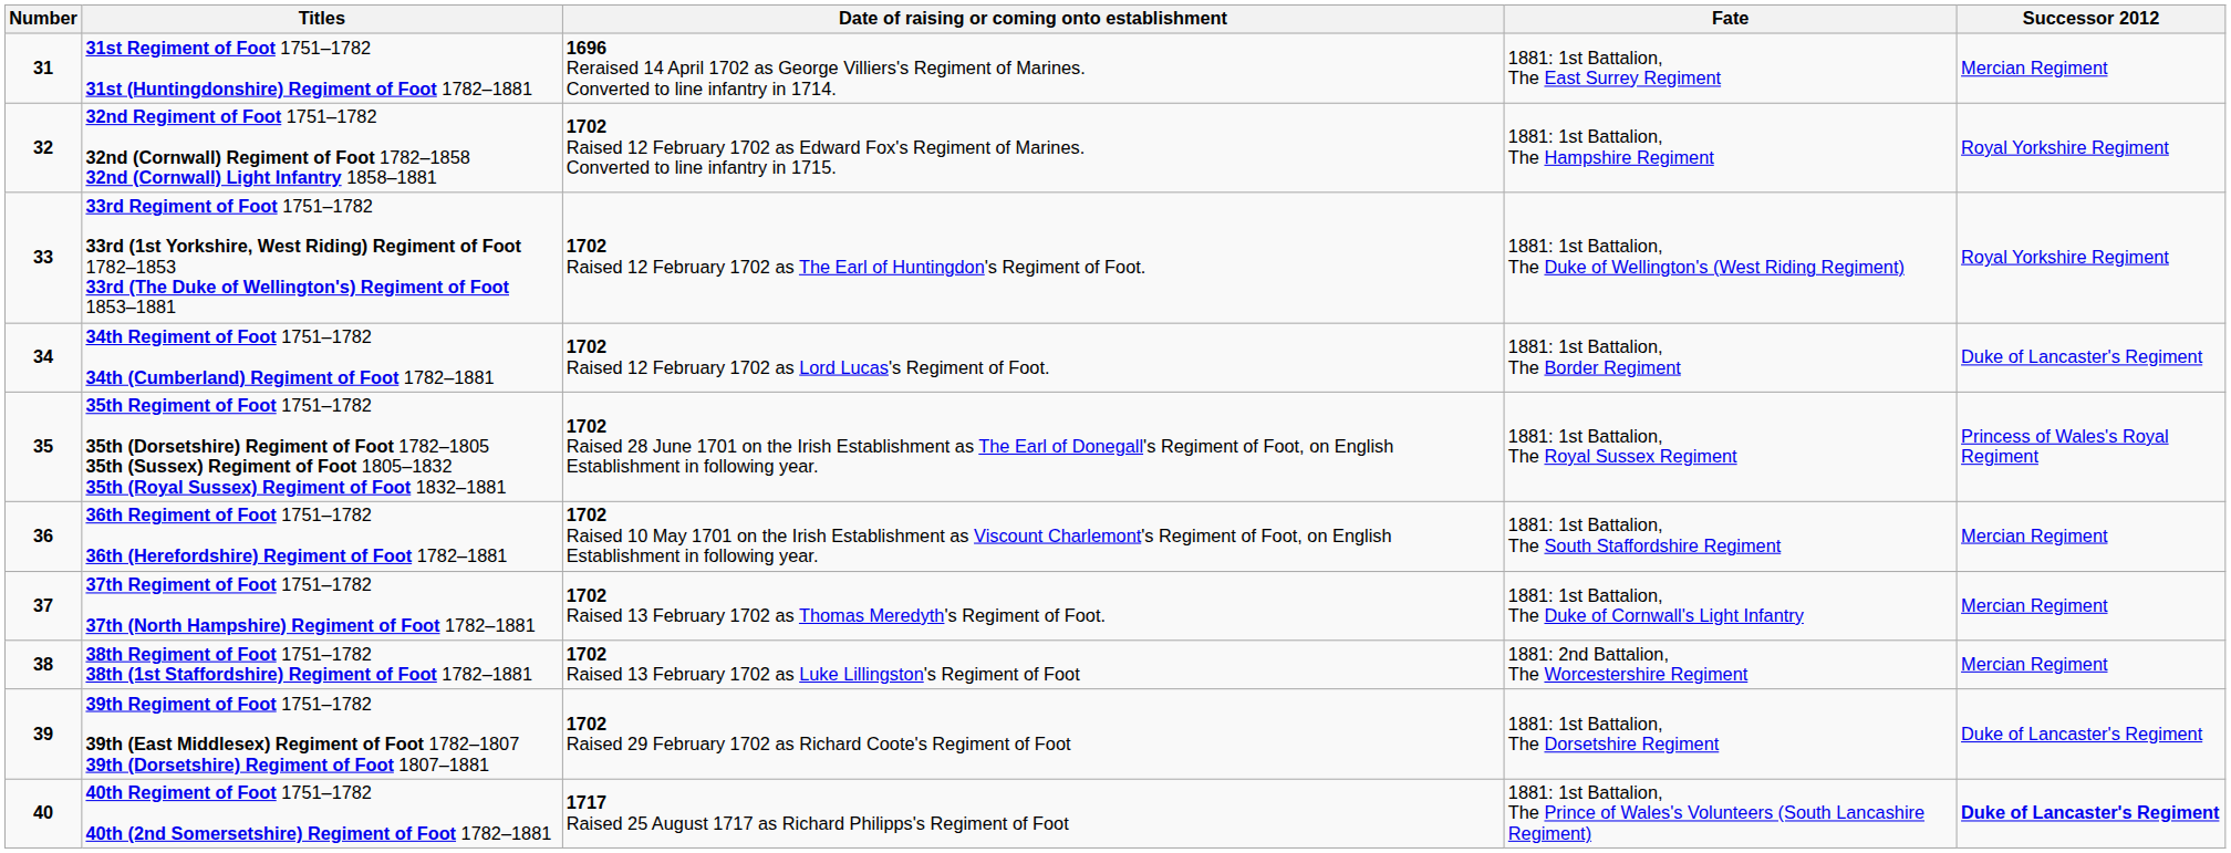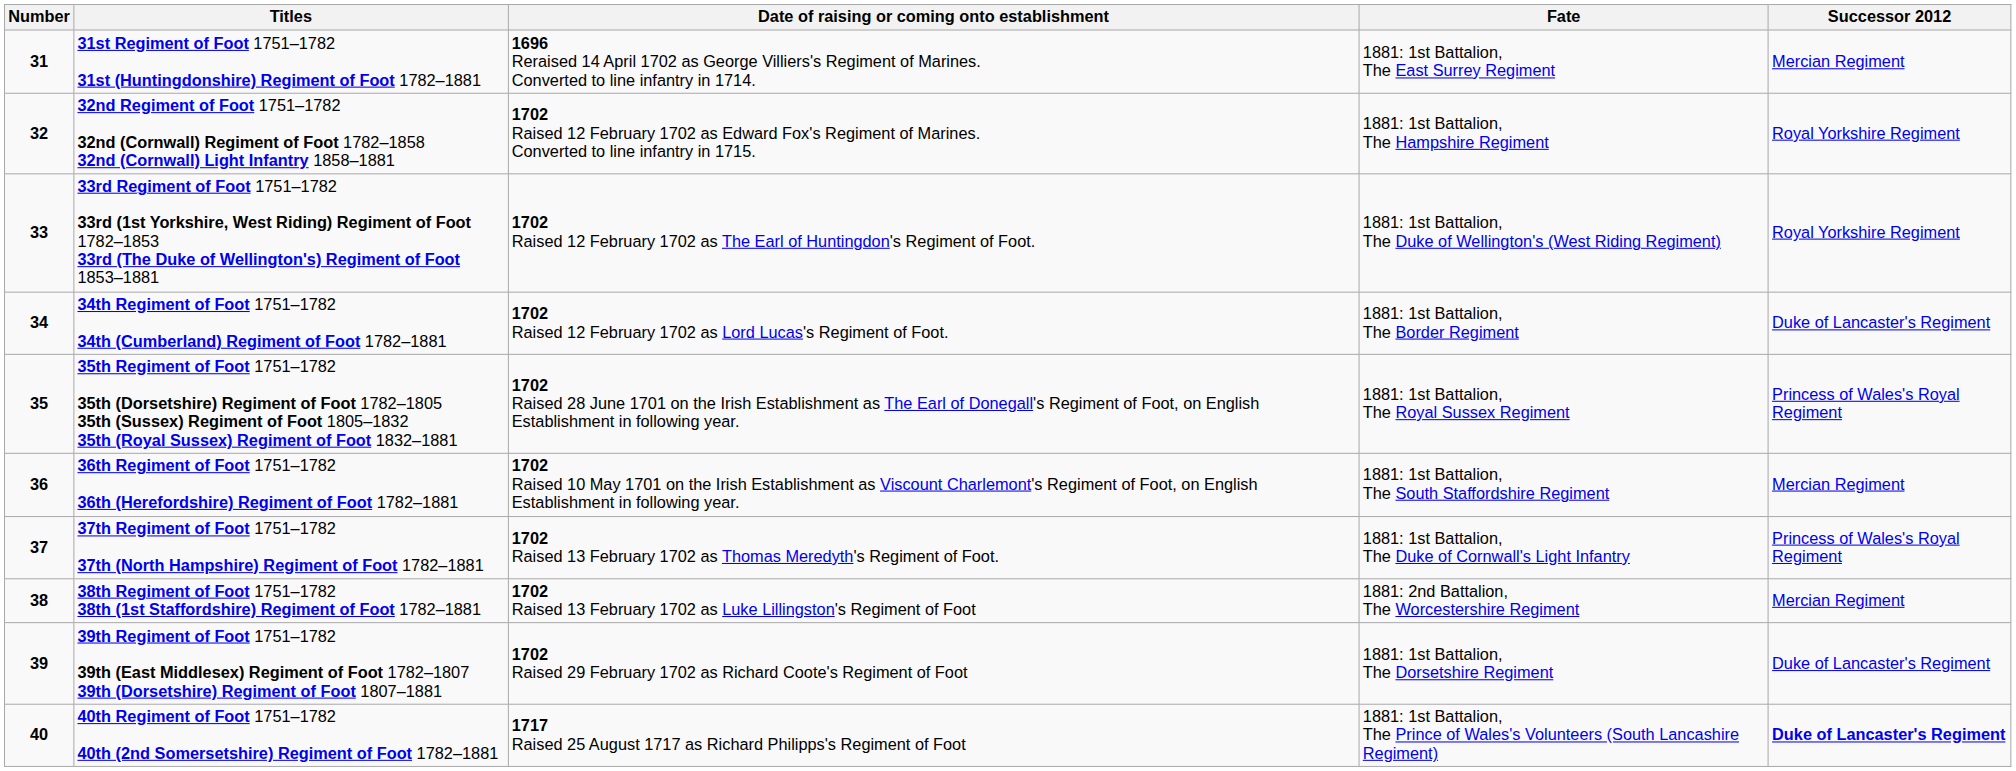 <table class="wikitable">
 <tr>
 <th>Number</th>
 <th>Titles</th>
 <th>Date of raising or coming onto establishment</th>
 <th>Fate</th>
 <th>Successor 2012</th>
 </tr>
 <tr>
 <td align=center valign=middle><strong>31</strong></td>
 <td><strong><a href='#'>31st Regiment of Foot</a></strong> 1751–1782<br><br><strong><a href='#'>31st (Huntingdonshire) Regiment of Foot</a></strong> 1782–1881</td>
 <td><strong>1696</strong><br>Reraised 14 April 1702 as George Villiers's Regiment of Marines.<br> Converted to line infantry in 1714.</td>
 <td>1881: 1st Battalion,<br>The <a href='#'>East Surrey Regiment</a></td>
 <td><a href='#'>Mercian Regiment</a></td>
 </tr>
 <tr>
 <td align=center valign=middle><strong>32</strong></td>
 <td><strong><a href='#'>32nd Regiment of Foot</a></strong> 1751–1782<br><br><strong>32nd (Cornwall) Regiment of Foot</strong> 1782–1858<br> <strong><a href='#'>32nd (Cornwall) Light Infantry</a></strong> 1858–1881</td>
 <td><strong>1702</strong><br>Raised 12 February 1702 as Edward Fox's Regiment of Marines.<br> Converted to line infantry in 1715.</td>
 <td>1881: 1st Battalion,<br> The <a href='#'>Hampshire Regiment</a></td>
 <td><a href='#'>Royal Yorkshire Regiment</a></td>
 </tr>
 <tr>
 <td align=center valign=middle><strong>33</strong></td>
 <td><strong><a href='#'>33rd Regiment of Foot</a></strong> 1751–1782<br><br><strong>33rd (1st Yorkshire, West Riding) Regiment of Foot</strong> 1782–1853<br> <strong><a href='#'>33rd (The Duke of Wellington's) Regiment of Foot</a></strong> 1853–1881</td>
 <td><strong>1702</strong><br>Raised 12 February 1702 as <a href='#'>The Earl of Huntingdon</a>'s Regiment of Foot.</td>
 <td>1881: 1st Battalion,<br>The <a href='#'>Duke of Wellington's (West Riding Regiment)</a></td>
 <td><a href='#'>Royal Yorkshire Regiment</a></td>
 </tr>
 <tr>
 <td align=center valign=middle><strong>34</strong></td>
 <td><strong><a href='#'>34th Regiment of Foot</a></strong> 1751–1782<br><br><strong><a href='#'>34th (Cumberland) Regiment of Foot</a></strong> 1782–1881</td>
 <td><strong>1702</strong><br>Raised 12 February 1702 as <a href='#'>Lord Lucas</a>'s Regiment of Foot.</td>
 <td>1881: 1st Battalion,<br>The <a href='#'>Border Regiment</a></td>
 <td><a href='#'>Duke of Lancaster's Regiment</a></td>
 </tr>
 <tr>
 <td align=center valign=middle><strong>35</strong></td>
 <td><strong><a href='#'>35th Regiment of Foot</a></strong> 1751–1782<br><br><strong>35th (Dorsetshire) Regiment of Foot</strong> 1782–1805<br> <strong>35th (Sussex) Regiment of Foot</strong> 1805–1832<br> <strong><a href='#'>35th (Royal Sussex) Regiment of Foot</a></strong> 1832–1881</td>
 <td><strong>1702</strong><br>Raised 28 June 1701 on the Irish Establishment as <a href='#'>The Earl of Donegall</a>'s Regiment of Foot, on English Establishment in following year.</td>
 <td>1881: 1st Battalion,<br>The <a href='#'>Royal Sussex Regiment</a></td>
 <td><a href='#'>Princess of Wales's Royal Regiment</a></td>
 </tr>
 <tr>
 <td align=center valign=middle><strong>36</strong></td>
 <td><strong><a href='#'>36th Regiment of Foot</a></strong> 1751–1782<br><br><strong><a href='#'>36th (Herefordshire) Regiment of Foot</a></strong> 1782–1881</td>
 <td><strong>1702</strong><br>Raised 10 May 1701 on the Irish Establishment as <a href='#'>Viscount Charlemont</a>'s Regiment of Foot, on English Establishment in following year.</td>
 <td>1881: 1st Battalion,<br> The <a href='#'>South Staffordshire Regiment</a></td>
 <td><a href='#'>Mercian Regiment</a></td>
 </tr>
 <tr>
 <td align=center valign=middle><strong>37</strong></td>
 <td><strong><a href='#'>37th Regiment of Foot</a></strong> 1751–1782<br><br><strong><a href='#'>37th (North Hampshire) Regiment of Foot</a></strong> 1782–1881</td>
 <td><strong>1702</strong><br>Raised 13 February 1702 as <a href='#'>Thomas Meredyth</a>'s Regiment of Foot.</td>
 <td>1881: 1st Battalion,<br>The <a href='#'>Duke of Cornwall's Light Infantry</a></td>
-<td><a href='#'>Mercian Regiment</a></td>
+<td><a href='#'>Princess of Wales's Royal Regiment</a></td>
 </tr>
 <tr>
 <td align=center valign=middle><strong>38</strong></td>
 <td><strong><a href='#'>38th Regiment of Foot</a></strong> 1751–1782<br><strong><a href='#'>38th (1st Staffordshire) Regiment of Foot</a></strong> 1782–1881</td>
 <td><strong>1702</strong><br>Raised 13 February 1702 as <a href='#'>Luke Lillingston</a>'s Regiment of Foot</td>
 <td>1881: 2nd Battalion,<br>The <a href='#'>Worcestershire Regiment</a></td>
 <td><a href='#'>Mercian Regiment</a></td>
 </tr>
 <tr>
 <td align=center valign=middle><strong>39</strong></td>
 <td><strong><a href='#'>39th Regiment of Foot</a></strong> 1751–1782<br><br><strong>39th (East Middlesex) Regiment of Foot</strong> 1782–1807<br> <strong><a href='#'>39th (Dorsetshire) Regiment of Foot</a></strong> 1807–1881</td>
 <td><strong>1702</strong><br>Raised 29 February 1702 as Richard Coote's Regiment of Foot</td>
 <td>1881: 1st Battalion,<br> The <a href='#'>Dorsetshire Regiment</a></td>
 <td><a href='#'>Duke of Lancaster's Regiment</a></td>
 </tr>
 <tr>
 <td align=center valign=middle><strong>40</strong></td>
 <td><strong><a href='#'>40th Regiment of Foot</a></strong> 1751–1782<br><br><strong><a href='#'>40th (2nd Somersetshire) Regiment of Foot</a></strong> 1782–1881</td>
 <td><strong>1717</strong><br>Raised 25 August 1717 as Richard Philipps's Regiment of Foot</td>
 <td>1881: 1st Battalion,<br> The <a href='#'>Prince of Wales's Volunteers (South Lancashire Regiment)</a></td>
 <td><strong><a href='#'>Duke of Lancaster's Regiment</a></strong></td>
 </tr>
 </table>
